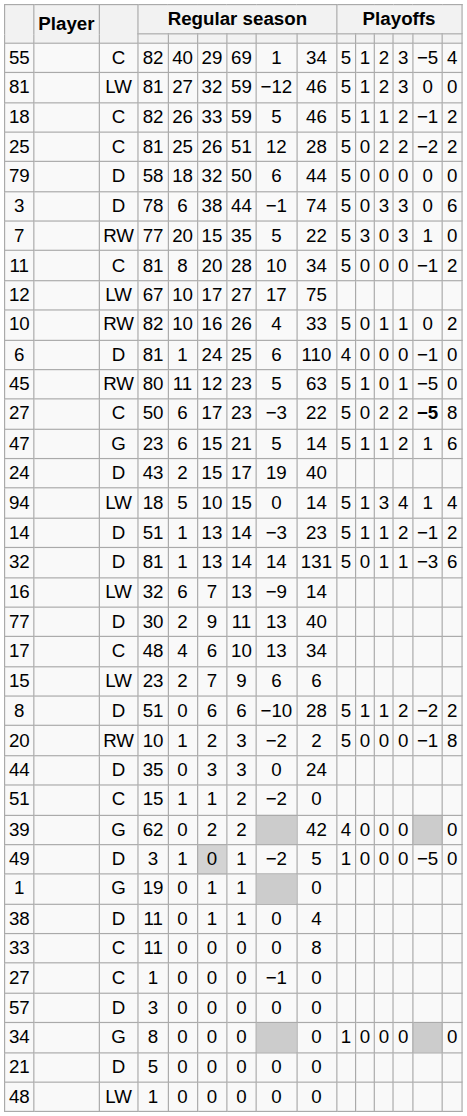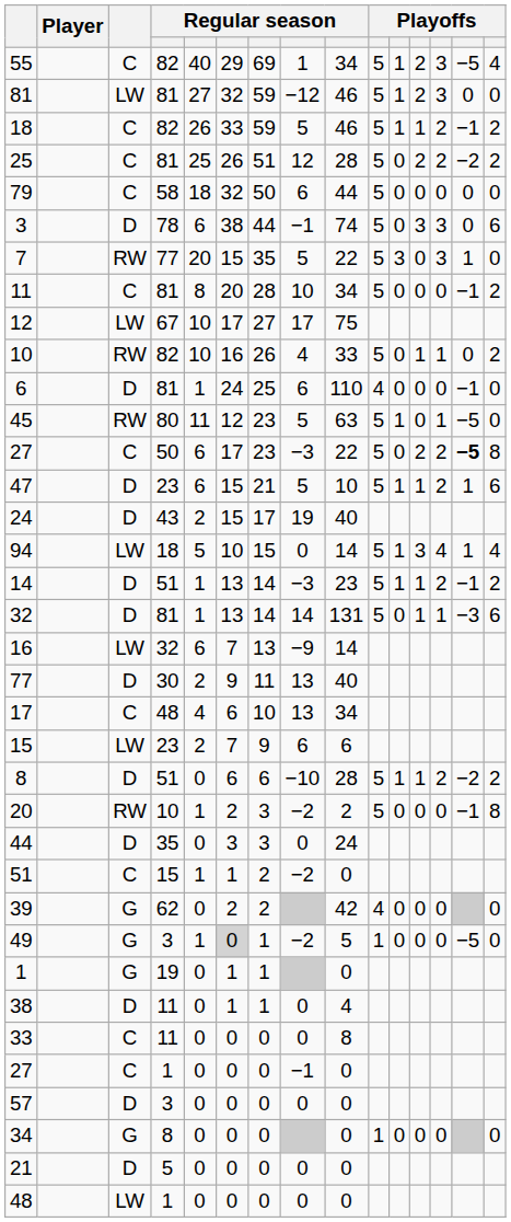 <table class="wikitable sortable plainrowheaders" style="text-align:center;">
 <tr>
 <th scope="col" data-sort-type="number" rowspan="2"></th>
 <th scope="col" rowspan="2">Player</th>
 <th scope="col" rowspan="2"></th>
 <th scope=colgroup colspan=6>Regular season</th>
 <th scope=colgroup colspan=6>Playoffs</th>
 </tr>
 <tr>
 <th scope="col" data-sort-type="number"></th>
 <th scope="col" data-sort-type="number"></th>
 <th scope="col" data-sort-type="number"></th>
 <th scope="col" data-sort-type="number"></th>
 <th scope="col" data-sort-type="number"></th>
 <th scope="col" data-sort-type="number"></th>
 <th scope="col" data-sort-type="number"></th>
 <th scope="col" data-sort-type="number"></th>
 <th scope="col" data-sort-type="number"></th>
 <th scope="col" data-sort-type="number"></th>
 <th scope="col" data-sort-type="number"></th>
 <th scope="col" data-sort-type="number"></th>
 </tr>
 <tr>
 <td scope="row">55</td>
 <td align="left"></td>
 <td>C</td>
 <td>82</td>
 <td>40</td>
 <td>29</td>
 <td>69</td>
 <td>1</td>
 <td>34</td>
 <td>5</td>
 <td>1</td>
 <td>2</td>
 <td>3</td>
 <td>−5</td>
 <td>4</td>
 </tr>
 <tr>
 <td scope="row">81</td>
 <td align="left"></td>
 <td>LW</td>
 <td>81</td>
 <td>27</td>
 <td>32</td>
 <td>59</td>
 <td>−12</td>
 <td>46</td>
 <td>5</td>
 <td>1</td>
 <td>2</td>
 <td>3</td>
 <td>0</td>
 <td>0</td>
 </tr>
 <tr>
 <td scope="row">18</td>
 <td align="left"></td>
 <td>C</td>
 <td>82</td>
 <td>26</td>
 <td>33</td>
 <td>59</td>
 <td>5</td>
 <td>46</td>
 <td>5</td>
 <td>1</td>
 <td>1</td>
 <td>2</td>
 <td>−1</td>
 <td>2</td>
 </tr>
 <tr>
 <td scope="row">25</td>
 <td align="left"></td>
 <td>C</td>
 <td>81</td>
 <td>25</td>
 <td>26</td>
 <td>51</td>
 <td>12</td>
 <td>28</td>
 <td>5</td>
 <td>0</td>
 <td>2</td>
 <td>2</td>
 <td>−2</td>
 <td>2</td>
 </tr>
 <tr>
 <td scope="row">79</td>
 <td align="left"></td>
-<td>D</td>
+<td>C</td>
 <td>58</td>
 <td>18</td>
 <td>32</td>
 <td>50</td>
 <td>6</td>
 <td>44</td>
 <td>5</td>
 <td>0</td>
 <td>0</td>
 <td>0</td>
 <td>0</td>
 <td>0</td>
 </tr>
 <tr>
 <td scope="row">3</td>
 <td align="left"></td>
 <td>D</td>
 <td>78</td>
 <td>6</td>
 <td>38</td>
 <td>44</td>
 <td>−1</td>
 <td>74</td>
 <td>5</td>
 <td>0</td>
 <td>3</td>
 <td>3</td>
 <td>0</td>
 <td>6</td>
 </tr>
 <tr>
 <td scope="row">7</td>
 <td align="left"></td>
 <td>RW</td>
 <td>77</td>
 <td>20</td>
 <td>15</td>
 <td>35</td>
 <td>5</td>
 <td>22</td>
 <td>5</td>
 <td>3</td>
 <td>0</td>
 <td>3</td>
 <td>1</td>
 <td>0</td>
 </tr>
 <tr>
 <td scope="row">11</td>
 <td align="left"></td>
 <td>C</td>
 <td>81</td>
 <td>8</td>
 <td>20</td>
 <td>28</td>
 <td>10</td>
 <td>34</td>
 <td>5</td>
 <td>0</td>
 <td>0</td>
 <td>0</td>
 <td>−1</td>
 <td>2</td>
 </tr>
 <tr>
 <td scope="row">12</td>
 <td align="left"></td>
 <td>LW</td>
 <td>67</td>
 <td>10</td>
 <td>17</td>
 <td>27</td>
 <td>17</td>
 <td>75</td>
 <td></td>
 <td></td>
 <td></td>
 <td></td>
 <td></td>
 <td></td>
 </tr>
 <tr>
 <td scope="row">10</td>
 <td align="left"></td>
 <td>RW</td>
 <td>82</td>
 <td>10</td>
 <td>16</td>
 <td>26</td>
 <td>4</td>
 <td>33</td>
 <td>5</td>
 <td>0</td>
 <td>1</td>
 <td>1</td>
 <td>0</td>
 <td>2</td>
 </tr>
 <tr>
 <td scope="row">6</td>
 <td align="left"></td>
 <td>D</td>
 <td>81</td>
 <td>1</td>
 <td>24</td>
 <td>25</td>
 <td>6</td>
 <td>110</td>
 <td>4</td>
 <td>0</td>
 <td>0</td>
 <td>0</td>
 <td>−1</td>
 <td>0</td>
 </tr>
 <tr>
 <td scope="row">45</td>
 <td align="left"></td>
 <td>RW</td>
 <td>80</td>
 <td>11</td>
 <td>12</td>
 <td>23</td>
 <td>5</td>
 <td>63</td>
 <td>5</td>
 <td>1</td>
 <td>0</td>
 <td>1</td>
 <td>−5</td>
 <td>0</td>
 </tr>
 <tr>
 <td scope="row">27</td>
 <td align="left"></td>
 <td>C</td>
 <td>50</td>
 <td>6</td>
 <td>17</td>
 <td>23</td>
 <td>−3</td>
 <td>22</td>
 <td>5</td>
 <td>0</td>
 <td>2</td>
 <td>2</td>
 <td><strong>−5</strong></td>
 <td>8</td>
 </tr>
 <tr>
 <td scope="row">47</td>
 <td align="left"></td>
-<td>G</td>
+<td>D</td>
 <td>23</td>
 <td>6</td>
 <td>15</td>
 <td>21</td>
 <td>5</td>
-<td>14</td>
+<td>10</td>
 <td>5</td>
 <td>1</td>
 <td>1</td>
 <td>2</td>
 <td>1</td>
 <td>6</td>
 </tr>
 <tr>
 <td scope="row">24</td>
 <td align="left"></td>
 <td>D</td>
 <td>43</td>
 <td>2</td>
 <td>15</td>
 <td>17</td>
 <td>19</td>
 <td>40</td>
 <td></td>
 <td></td>
 <td></td>
 <td></td>
 <td></td>
 <td></td>
 </tr>
 <tr>
 <td scope="row">94</td>
 <td align="left"></td>
 <td>LW</td>
 <td>18</td>
 <td>5</td>
 <td>10</td>
 <td>15</td>
 <td>0</td>
 <td>14</td>
 <td>5</td>
 <td>1</td>
 <td>3</td>
 <td>4</td>
 <td>1</td>
 <td>4</td>
 </tr>
 <tr>
 <td scope="row">14</td>
 <td align="left"></td>
 <td>D</td>
 <td>51</td>
 <td>1</td>
 <td>13</td>
 <td>14</td>
 <td>−3</td>
 <td>23</td>
 <td>5</td>
 <td>1</td>
 <td>1</td>
 <td>2</td>
 <td>−1</td>
 <td>2</td>
 </tr>
 <tr>
 <td scope="row">32</td>
 <td align="left"></td>
 <td>D</td>
 <td>81</td>
 <td>1</td>
 <td>13</td>
 <td>14</td>
 <td>14</td>
 <td>131</td>
 <td>5</td>
 <td>0</td>
 <td>1</td>
 <td>1</td>
 <td>−3</td>
 <td>6</td>
 </tr>
 <tr>
 <td scope="row">16</td>
 <td align="left"></td>
 <td>LW</td>
 <td>32</td>
 <td>6</td>
 <td>7</td>
 <td>13</td>
 <td>−9</td>
 <td>14</td>
 <td></td>
 <td></td>
 <td></td>
 <td></td>
 <td></td>
 <td></td>
 </tr>
 <tr>
 <td scope="row">77</td>
 <td align="left"></td>
 <td>D</td>
 <td>30</td>
 <td>2</td>
 <td>9</td>
 <td>11</td>
 <td>13</td>
 <td>40</td>
 <td></td>
 <td></td>
 <td></td>
 <td></td>
 <td></td>
 <td></td>
 </tr>
 <tr>
 <td scope="row">17</td>
 <td align="left"></td>
 <td>C</td>
 <td>48</td>
 <td>4</td>
 <td>6</td>
 <td>10</td>
 <td>13</td>
 <td>34</td>
 <td></td>
 <td></td>
 <td></td>
 <td></td>
 <td></td>
 <td></td>
 </tr>
 <tr>
 <td scope="row">15</td>
 <td align="left"></td>
 <td>LW</td>
 <td>23</td>
 <td>2</td>
 <td>7</td>
 <td>9</td>
 <td>6</td>
 <td>6</td>
 <td></td>
 <td></td>
 <td></td>
 <td></td>
 <td></td>
 <td></td>
 </tr>
 <tr>
 <td scope="row">8</td>
 <td align="left"></td>
 <td>D</td>
 <td>51</td>
 <td>0</td>
 <td>6</td>
 <td>6</td>
 <td>−10</td>
 <td>28</td>
 <td>5</td>
 <td>1</td>
 <td>1</td>
 <td>2</td>
 <td>−2</td>
 <td>2</td>
 </tr>
 <tr>
 <td scope="row">20</td>
 <td align="left"></td>
 <td>RW</td>
 <td>10</td>
 <td>1</td>
 <td>2</td>
 <td>3</td>
 <td>−2</td>
 <td>2</td>
 <td>5</td>
 <td>0</td>
 <td>0</td>
 <td>0</td>
 <td>−1</td>
 <td>8</td>
 </tr>
 <tr>
 <td scope="row">44</td>
 <td align="left"></td>
 <td>D</td>
 <td>35</td>
 <td>0</td>
 <td>3</td>
 <td>3</td>
 <td>0</td>
 <td>24</td>
 <td></td>
 <td></td>
 <td></td>
 <td></td>
 <td></td>
 <td></td>
 </tr>
 <tr>
 <td scope="row">51</td>
 <td align="left"></td>
 <td>C</td>
 <td>15</td>
 <td>1</td>
 <td>1</td>
 <td>2</td>
 <td>−2</td>
 <td>0</td>
 <td></td>
 <td></td>
 <td></td>
 <td></td>
 <td></td>
 <td></td>
 </tr>
 <tr>
 <td scope="row">39</td>
 <td align="left"></td>
 <td>G</td>
 <td>62</td>
 <td>0</td>
 <td>2</td>
 <td>2</td>
 <td style="background:#ccc"></td>
 <td>42</td>
 <td>4</td>
 <td>0</td>
 <td>0</td>
 <td>0</td>
 <td style="background:#ccc"></td>
 <td>0</td>
 </tr>
 <tr>
 <td scope="row">49</td>
 <td align="left"></td>
-<td>D</td>
+<td>G</td>
 <td>3</td>
 <td>1</td>
 <td style="background: lightgrey;">0</td>
 <td>1</td>
 <td>−2</td>
 <td>5</td>
 <td>1</td>
 <td>0</td>
 <td>0</td>
 <td>0</td>
 <td>−5</td>
 <td>0</td>
 </tr>
 <tr>
 <td scope="row">1</td>
 <td align="left"></td>
 <td>G</td>
 <td>19</td>
 <td>0</td>
 <td>1</td>
 <td>1</td>
 <td style="background:#ccc"></td>
 <td>0</td>
 <td></td>
 <td></td>
 <td></td>
 <td></td>
 <td></td>
 <td></td>
 </tr>
 <tr>
 <td scope="row">38</td>
 <td align="left"></td>
 <td>D</td>
 <td>11</td>
 <td>0</td>
 <td>1</td>
 <td>1</td>
 <td>0</td>
 <td>4</td>
 <td></td>
 <td></td>
 <td></td>
 <td></td>
 <td></td>
 <td></td>
 </tr>
 <tr>
 <td scope="row">33</td>
 <td align="left"></td>
 <td>C</td>
 <td>11</td>
 <td>0</td>
 <td>0</td>
 <td>0</td>
 <td>0</td>
 <td>8</td>
 <td></td>
 <td></td>
 <td></td>
 <td></td>
 <td></td>
 <td></td>
 </tr>
 <tr>
 <td scope="row">27</td>
 <td align="left"></td>
 <td>C</td>
 <td>1</td>
 <td>0</td>
 <td>0</td>
 <td>0</td>
 <td>−1</td>
 <td>0</td>
 <td></td>
 <td></td>
 <td></td>
 <td></td>
 <td></td>
 <td></td>
 </tr>
 <tr>
 <td scope="row">57</td>
 <td align="left"></td>
 <td>D</td>
 <td>3</td>
 <td>0</td>
 <td>0</td>
 <td>0</td>
 <td>0</td>
 <td>0</td>
 <td></td>
 <td></td>
 <td></td>
 <td></td>
 <td></td>
 <td></td>
 </tr>
 <tr>
 <td scope="row">34</td>
 <td align="left"></td>
 <td>G</td>
 <td>8</td>
 <td>0</td>
 <td>0</td>
 <td>0</td>
 <td style="background:#ccc"></td>
 <td>0</td>
 <td>1</td>
 <td>0</td>
 <td>0</td>
 <td>0</td>
 <td style="background:#ccc"></td>
 <td>0</td>
 </tr>
 <tr>
 <td scope="row">21</td>
 <td align="left"></td>
 <td>D</td>
 <td>5</td>
 <td>0</td>
 <td>0</td>
 <td>0</td>
 <td>0</td>
 <td>0</td>
 <td></td>
 <td></td>
 <td></td>
 <td></td>
 <td></td>
 <td></td>
 </tr>
 <tr>
 <td scope="row">48</td>
 <td align="left"></td>
 <td>LW</td>
 <td>1</td>
 <td>0</td>
 <td>0</td>
 <td>0</td>
 <td>0</td>
 <td>0</td>
 <td></td>
 <td></td>
 <td></td>
 <td></td>
 <td></td>
 <td></td>
 </tr>
 </table>
